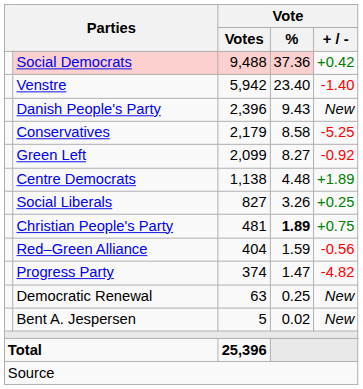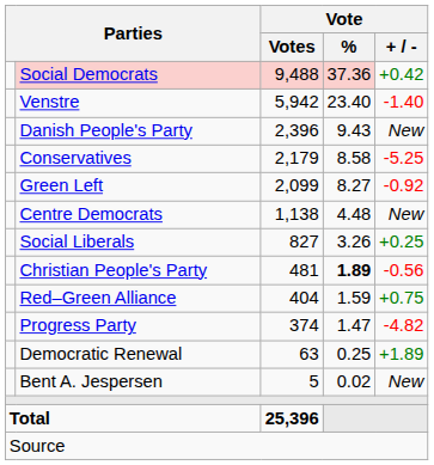 <table class="wikitable" style="text-align:right;">
 <tr>
 <th style="text-align:centre;" rowspan="2" colspan="2" width="225">Parties</th>
 <th colspan="3">Vote</th>
 </tr>
 <tr>
 <th width="15">Votes</th>
 <th width="15">%</th>
 <th width="15">+ / -</th>
 </tr>
 <tr>
 <td width="2" style="color:inherit;background:"></td>
 <td bgcolor=#fbd0ce  align="left"><a href='#'>Social Democrats</a></td>
 <td bgcolor=#fbd0ce>9,488</td>
 <td bgcolor=#fbd0ce>37.36</td>
 <td style=color:green;>+0.42</td>
 </tr>
 <tr>
 <td width="2" style="color:inherit;background:"></td>
 <td align="left"><a href='#'>Venstre</a></td>
 <td>5,942</td>
 <td>23.40</td>
 <td style=color:red;>-1.40</td>
 </tr>
 <tr>
 <td width="2" style="color:inherit;background:"></td>
 <td align="left"><a href='#'>Danish People's Party</a></td>
 <td>2,396</td>
 <td>9.43</td>
 <td><em>New</em></td>
 </tr>
 <tr>
 <td width="2" style="color:inherit;background:"></td>
 <td align="left"><a href='#'>Conservatives</a></td>
 <td>2,179</td>
 <td>8.58</td>
 <td style=color:red;>-5.25</td>
 </tr>
 <tr>
 <td width="2" style="color:inherit;background:"></td>
 <td align="left"><a href='#'>Green Left</a></td>
 <td>2,099</td>
 <td>8.27</td>
 <td style=color:red;>-0.92</td>
 </tr>
 <tr>
 <td width="2" style="color:inherit;background:"></td>
 <td align="left"><a href='#'>Centre Democrats</a></td>
 <td>1,138</td>
 <td>4.48</td>
-<td style=color:green;>+1.89</td>
+<td><em>New</em></td>
 </tr>
 <tr>
 <td width="2" style="color:inherit;background:"></td>
 <td align="left"><a href='#'>Social Liberals</a></td>
 <td>827</td>
 <td>3.26</td>
 <td style=color:green;>+0.25</td>
 </tr>
 <tr>
 <td width="2" style="color:inherit;background:"></td>
 <td align="left"><a href='#'>Christian People's Party</a></td>
 <td>481</td>
 <td><strong>1.89</strong></td>
-<td style=color:green;>+0.75</td>
+<td style=color:red;>-0.56</td>
 </tr>
 <tr>
 <td width="2" style="color:inherit;background:"></td>
 <td align="left"><a href='#'>Red–Green Alliance</a></td>
 <td>404</td>
 <td>1.59</td>
-<td style=color:red;>-0.56</td>
+<td style=color:green;>+0.75</td>
 </tr>
 <tr>
 <td width="2" style="color:inherit;background:"></td>
 <td align="left"><a href='#'>Progress Party</a></td>
 <td>374</td>
 <td>1.47</td>
 <td style=color:red;>-4.82</td>
 </tr>
 <tr>
 <td width="2" style="color:inherit;background:"></td>
 <td align="left">Democratic Renewal</td>
 <td>63</td>
 <td>0.25</td>
-<td><em>New</em></td>
+<td style=color:green;>+1.89</td>
 </tr>
 <tr>
 <td width="2" style="color:inherit;background:"></td>
 <td align="left">Bent A. Jespersen</td>
 <td>5</td>
 <td>0.02</td>
 <td><em>New</em></td>
 </tr>
 <tr>
 <td colspan="7" bgcolor="#E9E9E9"></td>
 </tr>
 <tr>
 <td align="left" colspan="2"><strong>Total</strong></td>
 <td><strong>25,396</strong></td>
 <td bgcolor="#E9E9E9" colspan="2"></td>
 </tr>
 <tr>
 <td align="left" colspan="6">Source</td>
 </tr>
 </table>
